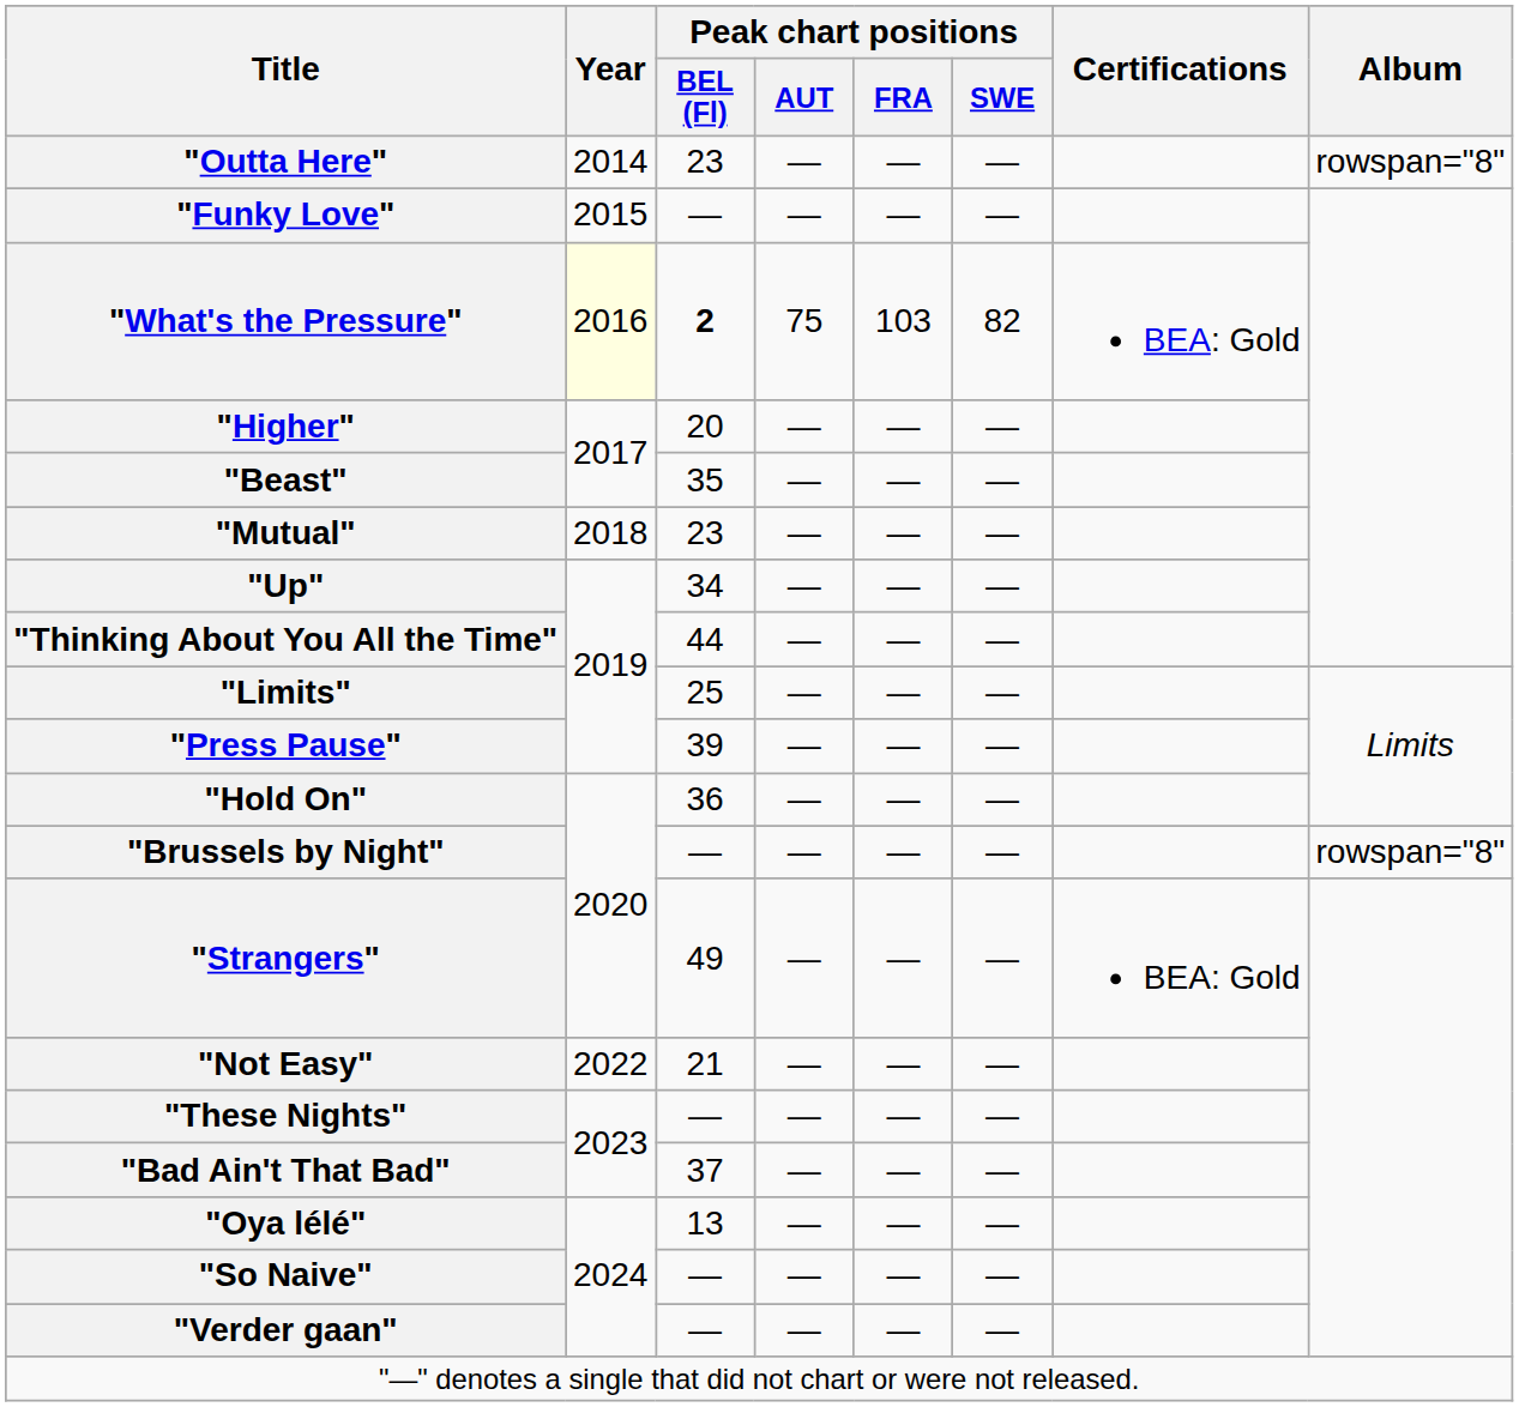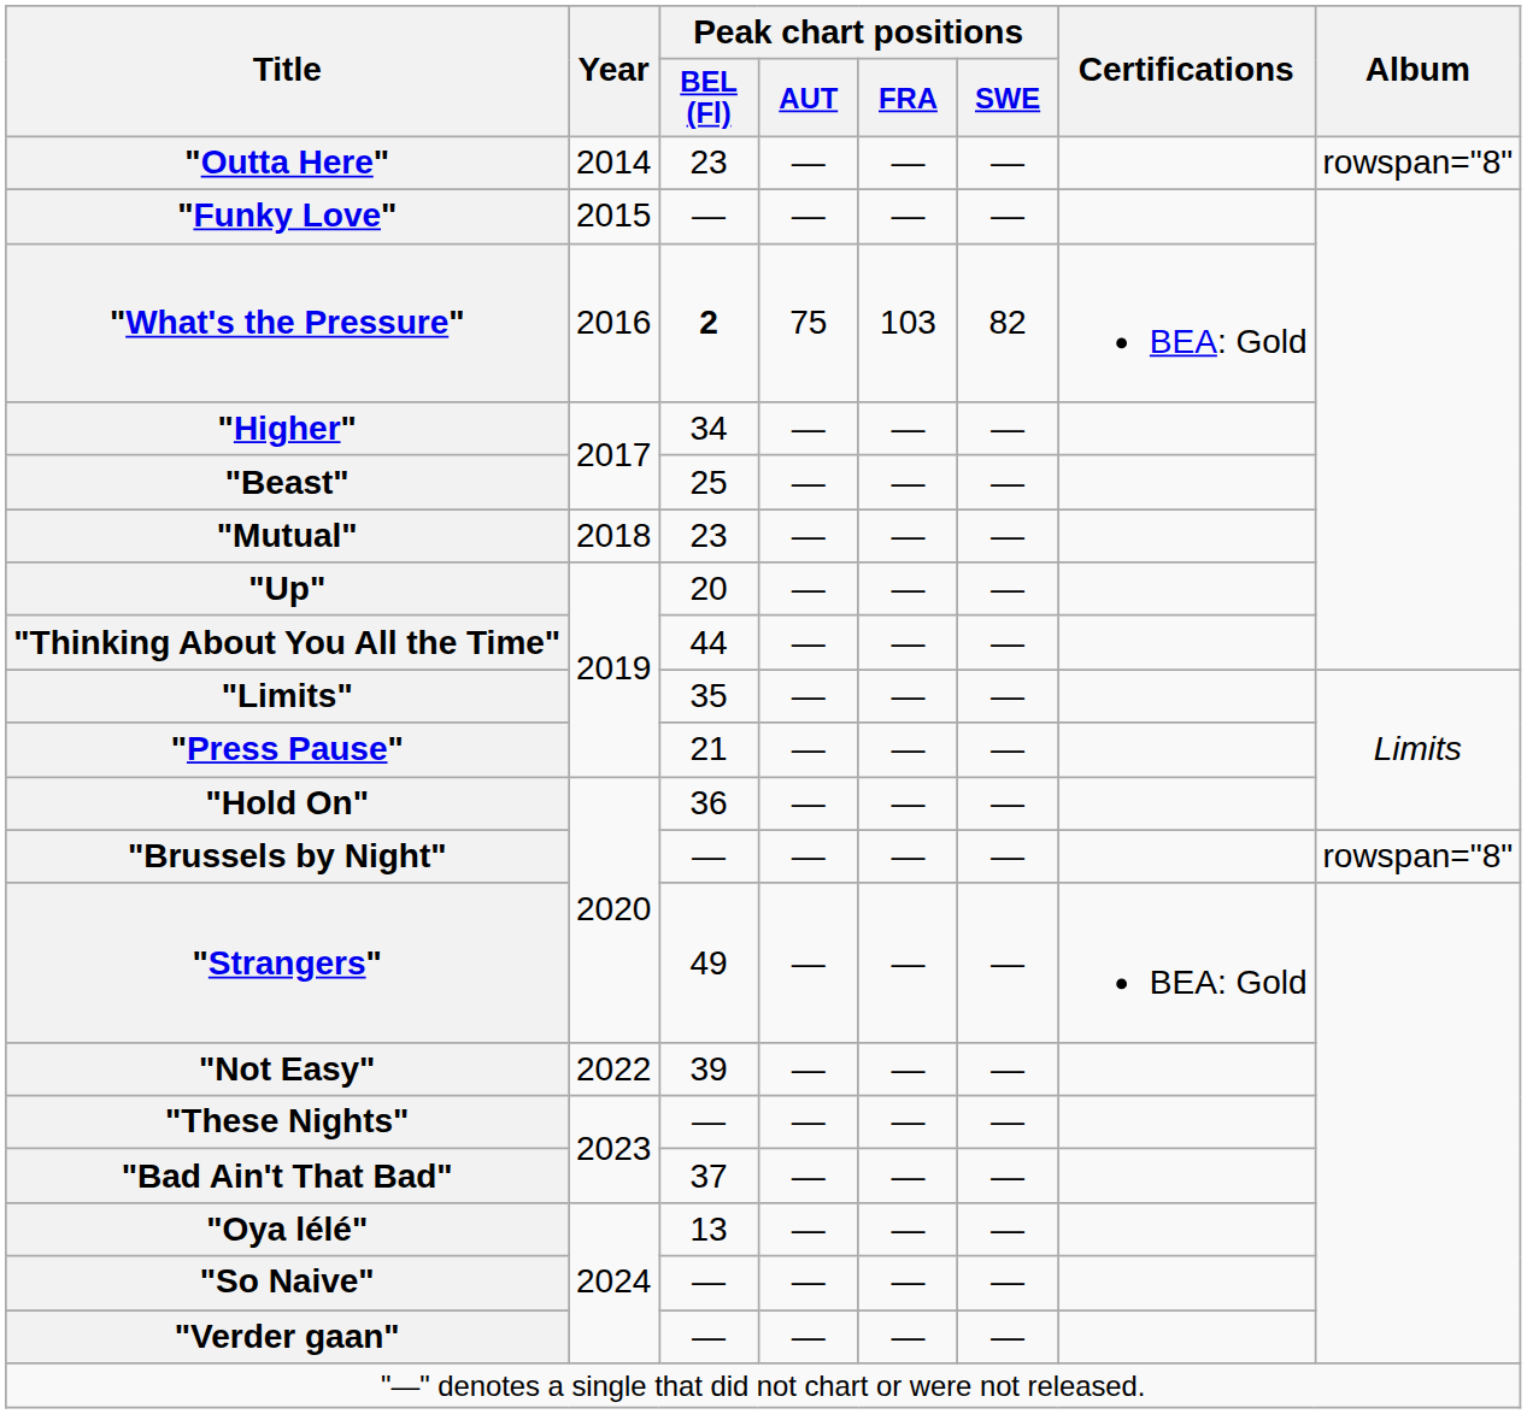 <table class="wikitable plainrowheaders" style="text-align:center;">
 <tr>
 <th scope="col" rowspan="2">Title</th>
 <th scope="col" rowspan="2">Year</th>
 <th scope="col" colspan="4">Peak chart positions</th>
 <th scope="col" rowspan="2">Certifications</th>
 <th scope="col" rowspan="2">Album</th>
 </tr>
 <tr>
 <th scope="col" style="width:3em;font-size:85%;"><a href='#'>BEL<br>(Fl)</a><br></th>
 <th scope="col" style="width:3em;font-size:85%;"><a href='#'>AUT</a><br></th>
 <th scope="col" style="width:3em;font-size:85%;"><a href='#'>FRA</a><br></th>
 <th scope="col" style="width:3em;font-size:85%;"><a href='#'>SWE</a><br></th>
 </tr>
 <tr>
 <th scope="row">"<a href='#'>Outta Here</a>"</th>
 <td>2014</td>
 <td>23</td>
 <td>—</td>
 <td>—</td>
 <td>—</td>
 <td></td>
 <td>rowspan="8" </td>
 </tr>
 <tr>
 <th scope="row">"<a href='#'>Funky Love</a>"</th>
 <td>2015</td>
 <td>—</td>
 <td>—</td>
 <td>—</td>
 <td>—</td>
 <td></td>
 </tr>
 <tr>
 <th scope="row">"<a href='#'>What's the Pressure</a>"</th>
-<td style="background: lightyellow;">2016</td>
+<td>2016</td>
 <td><strong>2</strong></td>
 <td>75</td>
 <td>103</td>
 <td>82</td>
 <td><br><ul><li><a href='#'>BEA</a>: Gold</li></ul></td>
 </tr>
 <tr>
 <th scope="row">"<a href='#'>Higher</a>"</th>
 <td rowspan="2">2017</td>
-<td>20</td>
+<td>34</td>
 <td>—</td>
 <td>—</td>
 <td>—</td>
 <td></td>
 </tr>
 <tr>
 <th scope="row">"Beast"</th>
-<td>35</td>
+<td>25</td>
 <td>—</td>
 <td>—</td>
 <td>—</td>
 <td></td>
 </tr>
 <tr>
 <th scope="row">"Mutual"</th>
 <td>2018</td>
 <td>23</td>
 <td>—</td>
 <td>—</td>
 <td>—</td>
 <td></td>
 </tr>
 <tr>
 <th scope="row">"Up"</th>
 <td rowspan="4">2019</td>
-<td>34</td>
+<td>20</td>
 <td>—</td>
 <td>—</td>
 <td>—</td>
 <td></td>
 </tr>
 <tr>
 <th scope="row">"Thinking About You All the Time" </th>
 <td>44</td>
 <td>—</td>
 <td>—</td>
 <td>—</td>
 <td></td>
 </tr>
 <tr>
 <th scope="row">"Limits"</th>
-<td>25</td>
+<td>35</td>
 <td>—</td>
 <td>—</td>
 <td>—</td>
 <td></td>
 <td rowspan="3"><em>Limits</em></td>
 </tr>
 <tr>
 <th scope="row">"<a href='#'>Press Pause</a>"</th>
-<td>39</td>
+<td>21</td>
 <td>—</td>
 <td>—</td>
 <td>—</td>
 <td></td>
 </tr>
 <tr>
 <th scope="row">"Hold On"</th>
 <td rowspan="3">2020</td>
 <td>36</td>
 <td>—</td>
 <td>—</td>
 <td>—</td>
 <td></td>
 </tr>
 <tr>
 <th scope="row">"Brussels by Night"</th>
 <td>—</td>
 <td>—</td>
 <td>—</td>
 <td>—</td>
 <td></td>
 <td>rowspan="8" </td>
 </tr>
 <tr>
 <th scope="row">"<a href='#'>Strangers</a>"<br></th>
 <td>49</td>
 <td>—</td>
 <td>—</td>
 <td>—</td>
 <td><br><ul><li>BEA: Gold</li></ul></td>
 </tr>
 <tr>
 <th scope="row">"Not Easy"</th>
 <td>2022</td>
-<td>21</td>
+<td>39</td>
 <td>—</td>
 <td>—</td>
 <td>—</td>
 <td></td>
 </tr>
 <tr>
 <th scope="row">"These Nights"<br></th>
 <td rowspan="2">2023</td>
 <td>—</td>
 <td>—</td>
 <td>—</td>
 <td>—</td>
 <td></td>
 </tr>
 <tr>
 <th scope="row">"Bad Ain't That Bad"</th>
 <td>37</td>
 <td>—</td>
 <td>—</td>
 <td>—</td>
 <td></td>
 </tr>
 <tr>
 <th scope="row">"Oya lélé"</th>
 <td rowspan="3">2024</td>
 <td>13</td>
 <td>—</td>
 <td>—</td>
 <td>—</td>
 <td></td>
 </tr>
 <tr>
 <th scope="row">"So Naive"</th>
 <td>—</td>
 <td>—</td>
 <td>—</td>
 <td>—</td>
 <td></td>
 </tr>
 <tr>
 <th scope="row">"Verder gaan"</th>
 <td>—</td>
 <td>—</td>
 <td>—</td>
 <td>—</td>
 <td></td>
 </tr>
 <tr>
 <td colspan="20" style="font-size:85%;">"—" denotes a single that did not chart or were not released.</td>
 </tr>
 </table>
